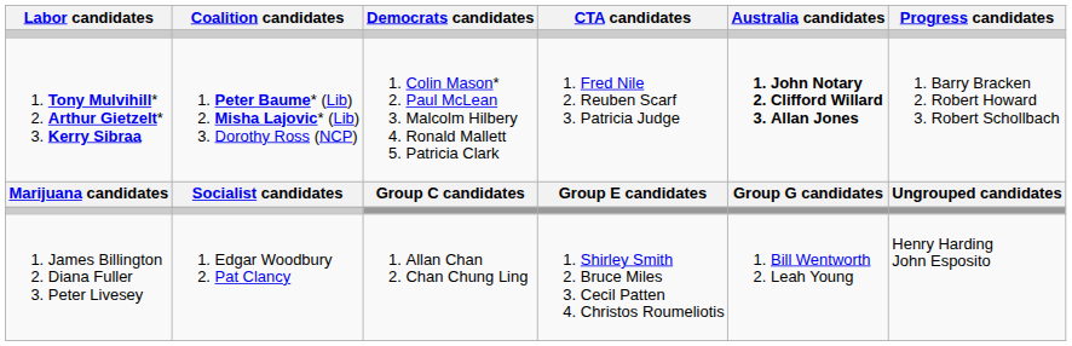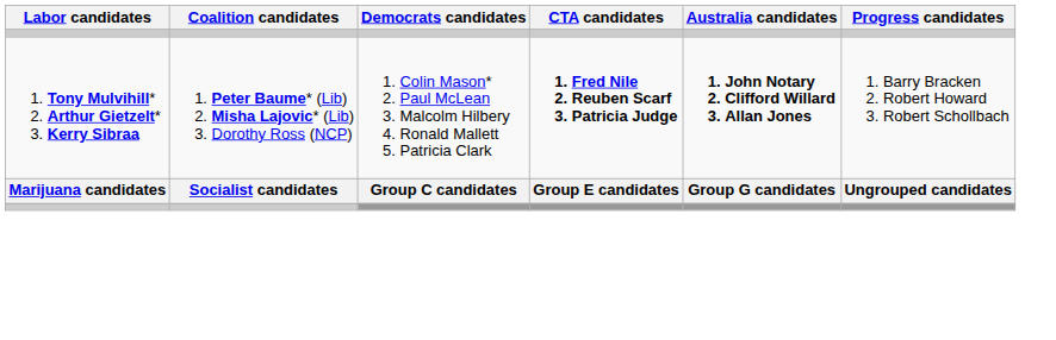 <table class="wikitable">
 <tr>
 <th><a href='#'>Labor</a> candidates</th>
 <th><a href='#'>Coalition</a> candidates</th>
 <th><a href='#'>Democrats</a> candidates</th>
 <th><a href='#'>CTA</a> candidates</th>
 <th><a href='#'>Australia</a> candidates</th>
 <th><a href='#'>Progress</a> candidates</th>
 </tr>
 <tr bgcolor="#cccccc">
 <td></td>
 <td></td>
 <td></td>
 <td></td>
 <td></td>
 <td></td>
 </tr>
 <tr>
 <td><br><ol><li><strong><a href='#'>Tony Mulvihill</a></strong>*</li><li><strong><a href='#'>Arthur Gietzelt</a></strong>*</li><li><strong><a href='#'>Kerry Sibraa</a></strong></li></ol></td>
 <td><br><ol><li><strong><a href='#'>Peter Baume</a></strong>* (<a href='#'>Lib</a>)</li><li><strong><a href='#'>Misha Lajovic</a></strong>* (<a href='#'>Lib</a>)</li><li><a href='#'>Dorothy Ross</a> (<a href='#'>NCP</a>)</li></ol></td>
 <td><br><ol><li><a href='#'>Colin Mason</a>*</li><li><a href='#'>Paul McLean</a></li><li>Malcolm Hilbery</li><li>Ronald Mallett</li><li>Patricia Clark</li></ol></td>
-<td valign=top><br><ol><li><a href='#'>Fred Nile</a></li><li>Reuben Scarf</li><li>Patricia Judge</li></ol></td>
+<td valign=top><strong><br><ol><li><a href='#'>Fred Nile</a></li><li>Reuben Scarf</li><li>Patricia Judge</li></ol></strong></td>
 <td valign=top><strong><br><ol><li>John Notary</li><li>Clifford Willard</li><li>Allan Jones</li></ol></strong></td>
 <td valign=top><br><ol><li>Barry Bracken</li><li>Robert Howard</li><li>Robert Schollbach</li></ol></td>
 </tr>
 <tr bgcolor="#cccccc">
 <th><a href='#'>Marijuana</a> candidates</th>
 <th><a href='#'>Socialist</a> candidates</th>
 <th>Group C candidates</th>
 <th>Group E candidates</th>
 <th>Group G candidates</th>
 <th>Ungrouped candidates</th>
 </tr>
 <tr bgcolor="#cccccc">
 <td></td>
 <td></td>
 <td bgcolor="#999999"></td>
 <td bgcolor="#999999"></td>
 <td bgcolor="#999999"></td>
 <td bgcolor="#999999"></td>
 </tr>
-<tr>
-<td valign=top><br><ol><li>James Billington</li><li>Diana Fuller</li><li>Peter Livesey</li></ol></td>
-<td valign=top><br><ol><li>Edgar Woodbury</li><li><a href='#'>Pat Clancy</a></li></ol></td>
-<td valign=top><br><ol><li>Allan Chan</li><li>Chan Chung Ling</li></ol></td>
-<td valign=top><br><ol><li><a href='#'>Shirley Smith</a></li><li>Bruce Miles</li><li>Cecil Patten</li><li>Christos Roumeliotis</li></ol></td>
-<td valign=top><br><ol><li><a href='#'>Bill Wentworth</a></li><li>Leah Young</li></ol></td>
-<td valign=top><br>Henry Harding<br> John Esposito</td>
-</tr>
 </table>
